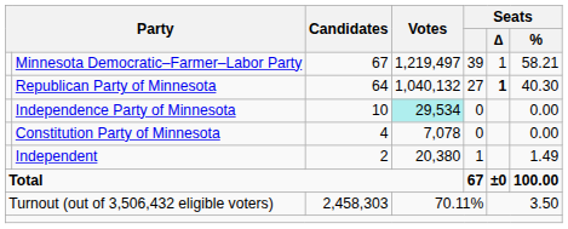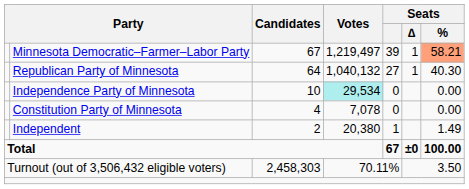 <table class="wikitable">
 <tr>
 <th rowspan="2" colspan="2">Party</th>
 <th rowspan="2">Candidates</th>
 <th rowspan="2" colspan="1">Votes</th>
 <th colspan="3">Seats</th>
 </tr>
 <tr>
 <th></th>
 <th>∆</th>
 <th>%</th>
 </tr>
 <tr>
 <td style="background-color:"></td>
 <td><a href='#'>Minnesota Democratic–Farmer–Labor Party</a></td>
 <td align="right">67</td>
 <td align="right">1,219,497</td>
 <td align="right">39</td>
 <td align="right">1</td>
-<td align="right">58.21</td>
+<td align="right" style="background: lightsalmon;">58.21</td>
 </tr>
 <tr>
 <td style="background-color:"></td>
 <td><a href='#'>Republican Party of Minnesota</a></td>
 <td align="right">64</td>
 <td align="right">1,040,132</td>
 <td align="right">27</td>
-<td align="right"><strong>1</strong></td>
+<td align="right">1</td>
 <td align="right">40.30</td>
 </tr>
 <tr>
 <td style="background-color:"></td>
 <td><a href='#'>Independence Party of Minnesota</a></td>
 <td align="right">10</td>
 <td align="right" style="background: paleturquoise;">29,534</td>
 <td align="right">0</td>
 <td align="right"></td>
 <td align="right">0.00</td>
 </tr>
 <tr>
 <td style="background-color:"></td>
 <td><a href='#'>Constitution Party of Minnesota</a></td>
 <td align="right">4</td>
 <td align="right">7,078</td>
 <td align="right">0</td>
 <td align="right"></td>
 <td align="right">0.00</td>
 </tr>
 <tr>
 <td style="background-color:"></td>
 <td><a href='#'>Independent</a></td>
 <td align="right">2</td>
 <td align="right">20,380</td>
 <td align="right">1</td>
 <td align="right"></td>
 <td align="right">1.49</td>
 </tr>
 <tr>
 <td colspan="4" align="left"><strong>Total</strong></td>
 <td align="right"><strong>67</strong></td>
 <td align="right"><strong>±0</strong></td>
 <td align="right"><strong>100.00</strong></td>
 </tr>
 <tr>
 <td colspan="2" align="left">Turnout (out of 3,506,432 eligible voters)</td>
 <td colspan="1" align="right">2,458,303</td>
 <td colspan="2" align="right">70.11%</td>
 <td colspan="2" align="right">3.50 </td>
 </tr>
 <tr>
 <td colspan="7"></td>
 </tr>
 </table>
